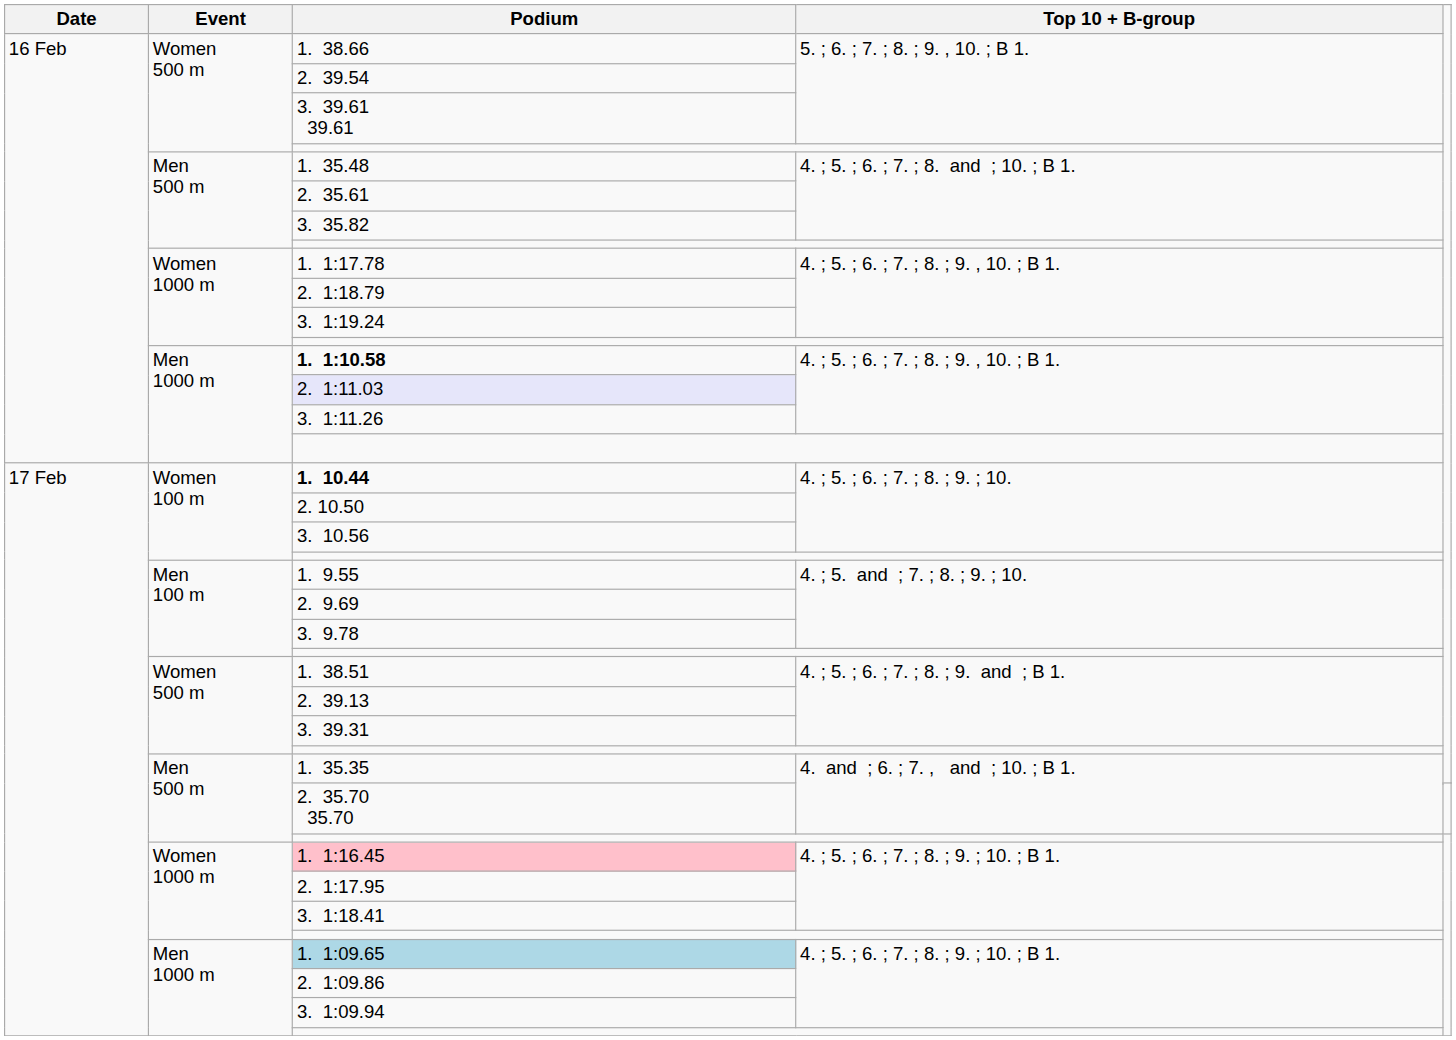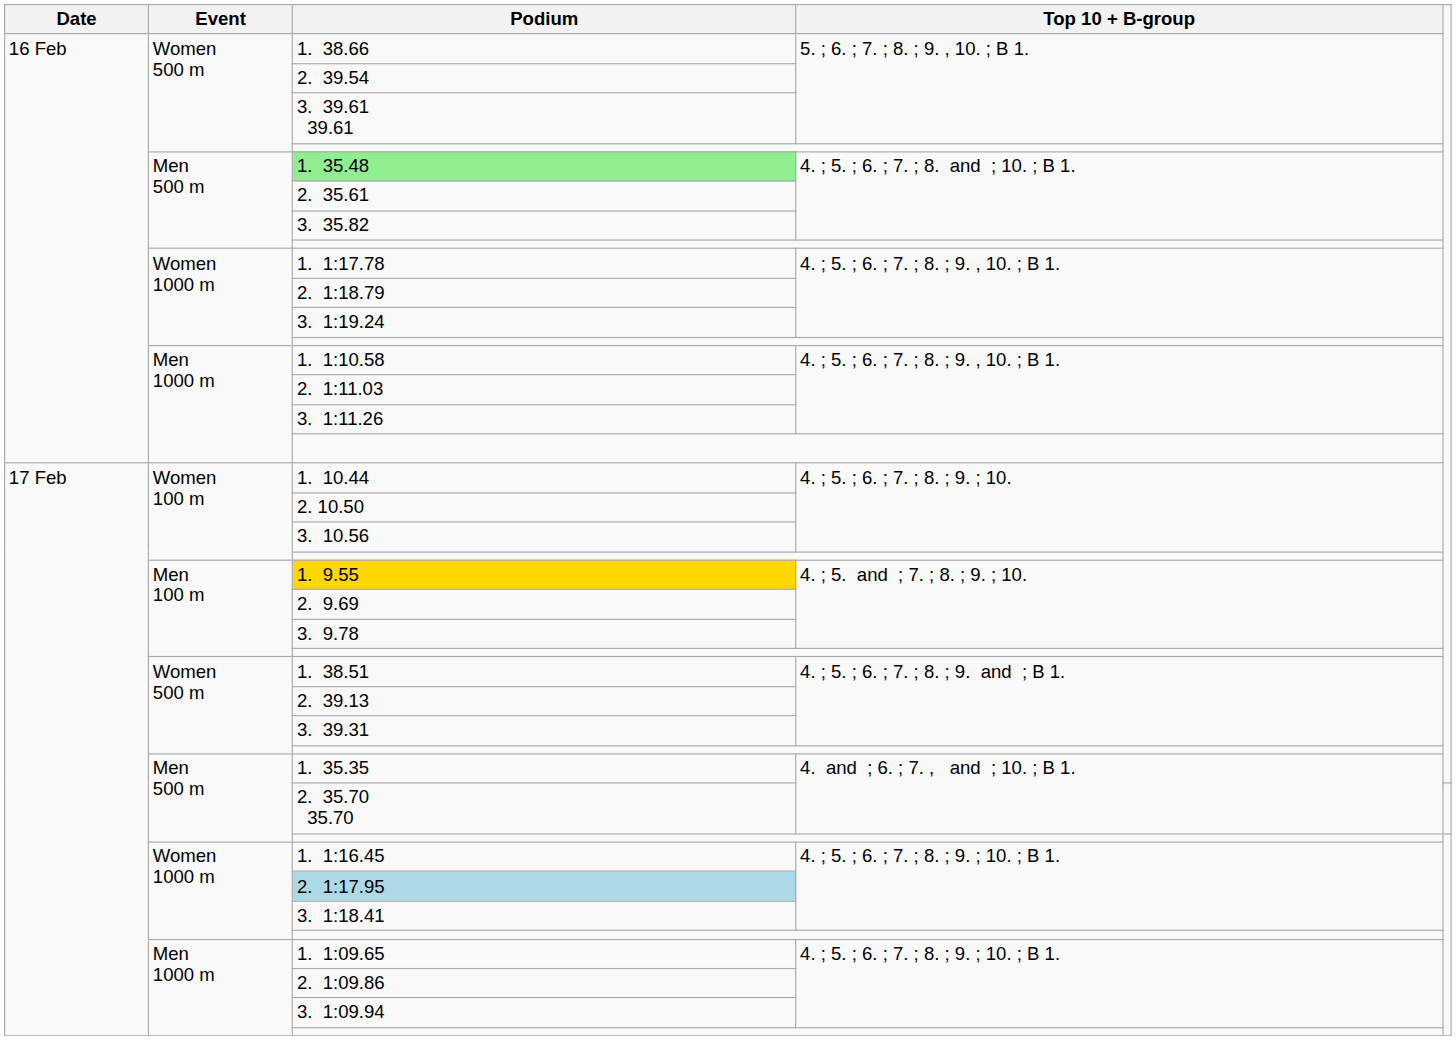 <table class="wikitable">
 <tr>
 <th width="10%">Date</th>
 <th width="10%">Event</th>
 <th width="35%">Podium</th>
 <th width="45%">Top 10 + B-group<br></th>
 </tr>
 <tr valign="top">
 <td rowspan="16">16 Feb</td>
 <td rowspan="4">Women<br>500 m<br></td>
 <td>1.  38.66</td>
 <td rowspan="3">5. ; 6. ; 7. ; 8. ; 9. , 10. ; B 1. </td>
 </tr>
 <tr>
 <td>2.  39.54</td>
 </tr>
 <tr>
 <td>3.  39.61<br>   39.61</td>
 </tr>
 <tr>
 <td colspan="2"></td>
 </tr>
 <tr valign="top">
 <td rowspan="4">Men<br>500 m<br></td>
-<td>1.  35.48</td>
+<td style="background: lightgreen;">1.  35.48</td>
 <td rowspan="3">4. ; 5. ; 6. ; 7. ; 8.  and  ; 10. ; B 1. </td>
 </tr>
 <tr>
 <td>2.  35.61</td>
 </tr>
 <tr>
 <td>3.  35.82</td>
 </tr>
 <tr>
 <td colspan="2"></td>
 </tr>
 <tr valign="top">
 <td rowspan="4">Women<br>1000 m<br></td>
 <td>1.   1:17.78</td>
 <td rowspan="3">4. ; 5. ; 6. ; 7. ; 8. ; 9. , 10. ; B 1. </td>
 </tr>
 <tr>
 <td>2.  1:18.79</td>
 </tr>
 <tr>
 <td>3.  1:19.24</td>
 </tr>
 <tr>
 <td colspan="2"></td>
 </tr>
 <tr valign="top">
 <td rowspan="4">Men<br>1000 m<br></td>
-<td><strong>1.   	 1:10.58</strong></td>
+<td>1.   	 1:10.58</td>
 <td rowspan="3">4. ; 5. ; 6. ; 7. ; 8. ; 9. , 10. ; B 1. </td>
 </tr>
 <tr>
-<td style="background: lavender;">2.  1:11.03</td>
+<td>2.  1:11.03</td>
 </tr>
 <tr>
 <td>3.  1:11.26</td>
 </tr>
 <tr>
 <td colspan="2"><br></td>
 </tr>
 <tr valign="top">
 <td rowspan="24">17 Feb</td>
 <td rowspan="4">Women<br>100 m<br></td>
-<td><strong>1.   10.44</strong></td>
+<td>1.   10.44</td>
 <td rowspan="3">4. ; 5. ; 6. ; 7. ; 8. ; 9. ; 10. </td>
 </tr>
 <tr>
 <td>2. 10.50</td>
 </tr>
 <tr>
 <td>3.  10.56</td>
 </tr>
 <tr>
 <td colspan="2"></td>
 </tr>
 <tr valign="top">
 <td rowspan="4">Men<br>100 m<br></td>
-<td>1.  9.55</td>
+<td style="background: gold;">1.  9.55</td>
 <td rowspan="3">4. ; 5.  and  ; 7. ; 8. ; 9. ; 10. </td>
 </tr>
 <tr>
 <td>2.  9.69</td>
 </tr>
 <tr>
 <td>3.  9.78</td>
 </tr>
 <tr>
 <td colspan="2"></td>
 </tr>
 <tr valign="top">
 <td rowspan="4">Women<br>500 m<br></td>
 <td>1.   38.51</td>
 <td rowspan="3">4. ; 5. ; 6. ; 7. ; 8. ; 9.  and  ; B 1. </td>
 </tr>
 <tr>
 <td>2.  39.13</td>
 </tr>
 <tr>
 <td>3.  39.31</td>
 </tr>
 <tr>
 <td colspan="2"></td>
 </tr>
 <tr valign="top">
 <td rowspan="4">Men<br>500 m<br></td>
 <td>1.  35.35</td>
 <td rowspan="3">4.  and  ; 6. ; 7. ,   and  ; 10. ; B 1. </td>
 </tr>
 <tr>
 <td rowspan="2">2.  35.70 <br>  35.70</td>
 </tr>
 <tr>
 <td></td>
 </tr>
 <tr>
 <td colspan="2"></td>
 </tr>
 <tr valign="top">
 <td rowspan="4">Women<br>1000 m<br></td>
-<td style="background: pink;">1.   1:16.45</td>
+<td>1.   1:16.45</td>
 <td rowspan="3">4. ; 5. ; 6. ; 7. ; 8. ; 9. ; 10. ; B 1. </td>
 </tr>
 <tr>
-<td>2.  1:17.95</td>
+<td style="background: lightblue;">2.  1:17.95</td>
 </tr>
 <tr>
 <td>3.  1:18.41</td>
 </tr>
 <tr>
 <td colspan="2"></td>
 </tr>
 <tr valign="top">
 <td rowspan="4">Men<br>1000 m<br></td>
-<td style="background: lightblue;">1.   1:09.65</td>
+<td>1.   1:09.65</td>
 <td rowspan="3">4. ; 5. ; 6. ; 7. ; 8. ; 9. ; 10. ; B 1. </td>
 </tr>
 <tr>
 <td>2.  1:09.86</td>
 </tr>
 <tr>
 <td>3.  1:09.94</td>
 </tr>
 <tr>
 <td colspan="2"></td>
 </tr>
 </table>
